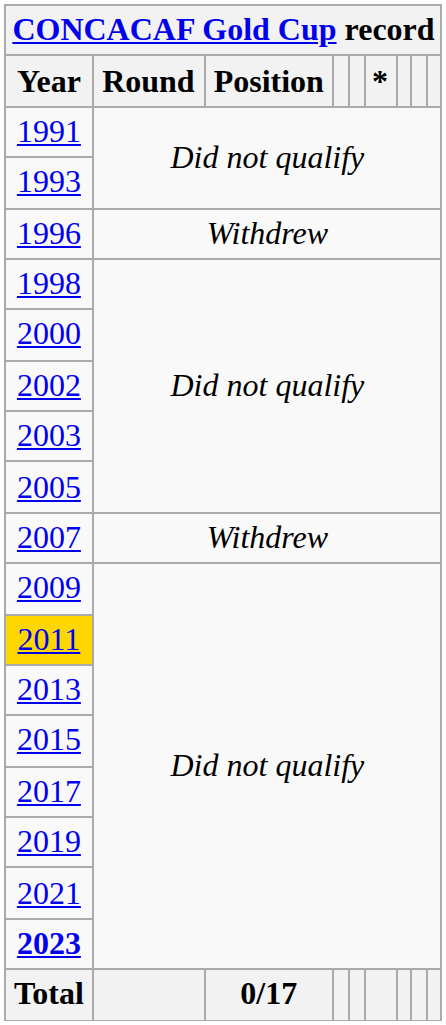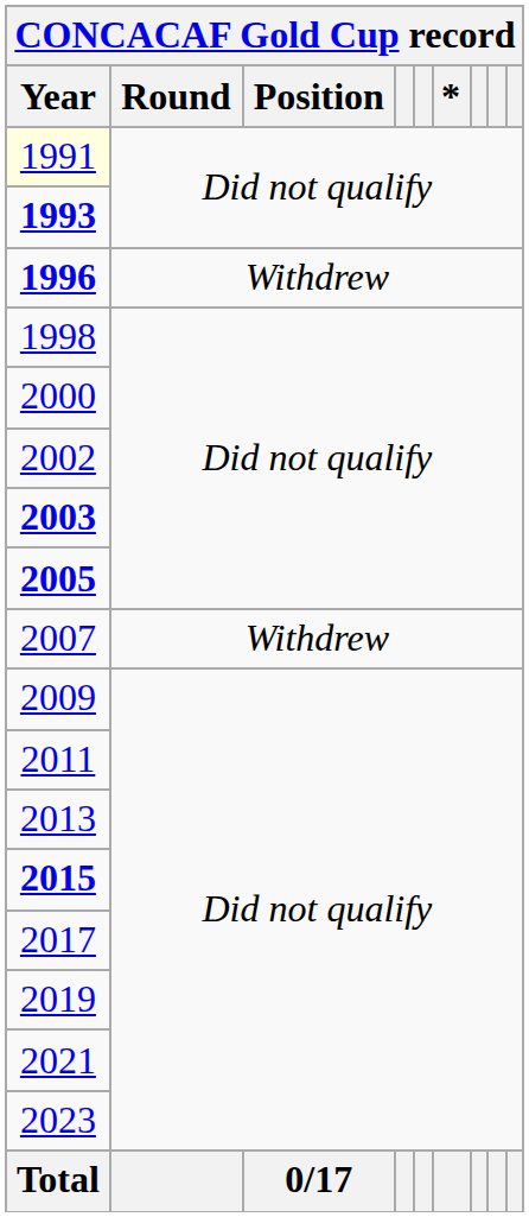 <table class="wikitable" style="text-align: center;">
 <tr>
 <th colspan=10><a href='#'>CONCACAF Gold Cup</a> record</th>
 </tr>
 <tr>
 <th>Year</th>
 <th>Round</th>
 <th>Position</th>
 <th></th>
 <th></th>
 <th>*</th>
 <th></th>
 <th></th>
 <th></th>
 </tr>
 <tr>
-<td> <a href='#'>1991</a></td>
+<td style="background: lightyellow;"> <a href='#'>1991</a></td>
 <td colspan=8 rowspan=2><em>Did not qualify</em></td>
 </tr>
 <tr>
-<td>  <a href='#'>1993</a></td>
+<td><strong>  <a href='#'>1993</a></strong></td>
 </tr>
 <tr>
-<td> <a href='#'>1996</a></td>
+<td><strong> <a href='#'>1996</a></strong></td>
 <td colspan=8><em>Withdrew</em></td>
 </tr>
 <tr>
 <td> <a href='#'>1998</a></td>
 <td colspan=8 rowspan=5><em>Did not qualify</em></td>
 </tr>
 <tr>
 <td> <a href='#'>2000</a></td>
 </tr>
 <tr>
 <td> <a href='#'>2002</a></td>
 </tr>
 <tr>
-<td>  <a href='#'>2003</a></td>
+<td><strong>  <a href='#'>2003</a></strong></td>
 </tr>
 <tr>
-<td> <a href='#'>2005</a></td>
+<td><strong> <a href='#'>2005</a></strong></td>
 </tr>
 <tr>
 <td> <a href='#'>2007</a></td>
 <td colspan=8><em>Withdrew</em></td>
 </tr>
 <tr>
 <td> <a href='#'>2009</a></td>
 <td colspan=8 rowspan=8><em>Did not qualify</em></td>
 </tr>
 <tr>
-<td style="background: gold;"> <a href='#'>2011</a></td>
+<td> <a href='#'>2011</a></td>
 </tr>
 <tr>
 <td> <a href='#'>2013</a></td>
 </tr>
 <tr>
-<td>  <a href='#'>2015</a></td>
+<td><strong>  <a href='#'>2015</a></strong></td>
 </tr>
 <tr>
 <td> <a href='#'>2017</a></td>
 </tr>
 <tr>
 <td>   <a href='#'>2019</a></td>
 </tr>
 <tr>
 <td> <a href='#'>2021</a></td>
 </tr>
 <tr>
-<td><strong>  <a href='#'>2023</a></strong></td>
+<td>  <a href='#'>2023</a></td>
 </tr>
 <tr>
 <th>Total</th>
 <th></th>
 <th>0/17</th>
 <th></th>
 <th></th>
 <th></th>
 <th></th>
 <th></th>
 <th></th>
 </tr>
 </table>
